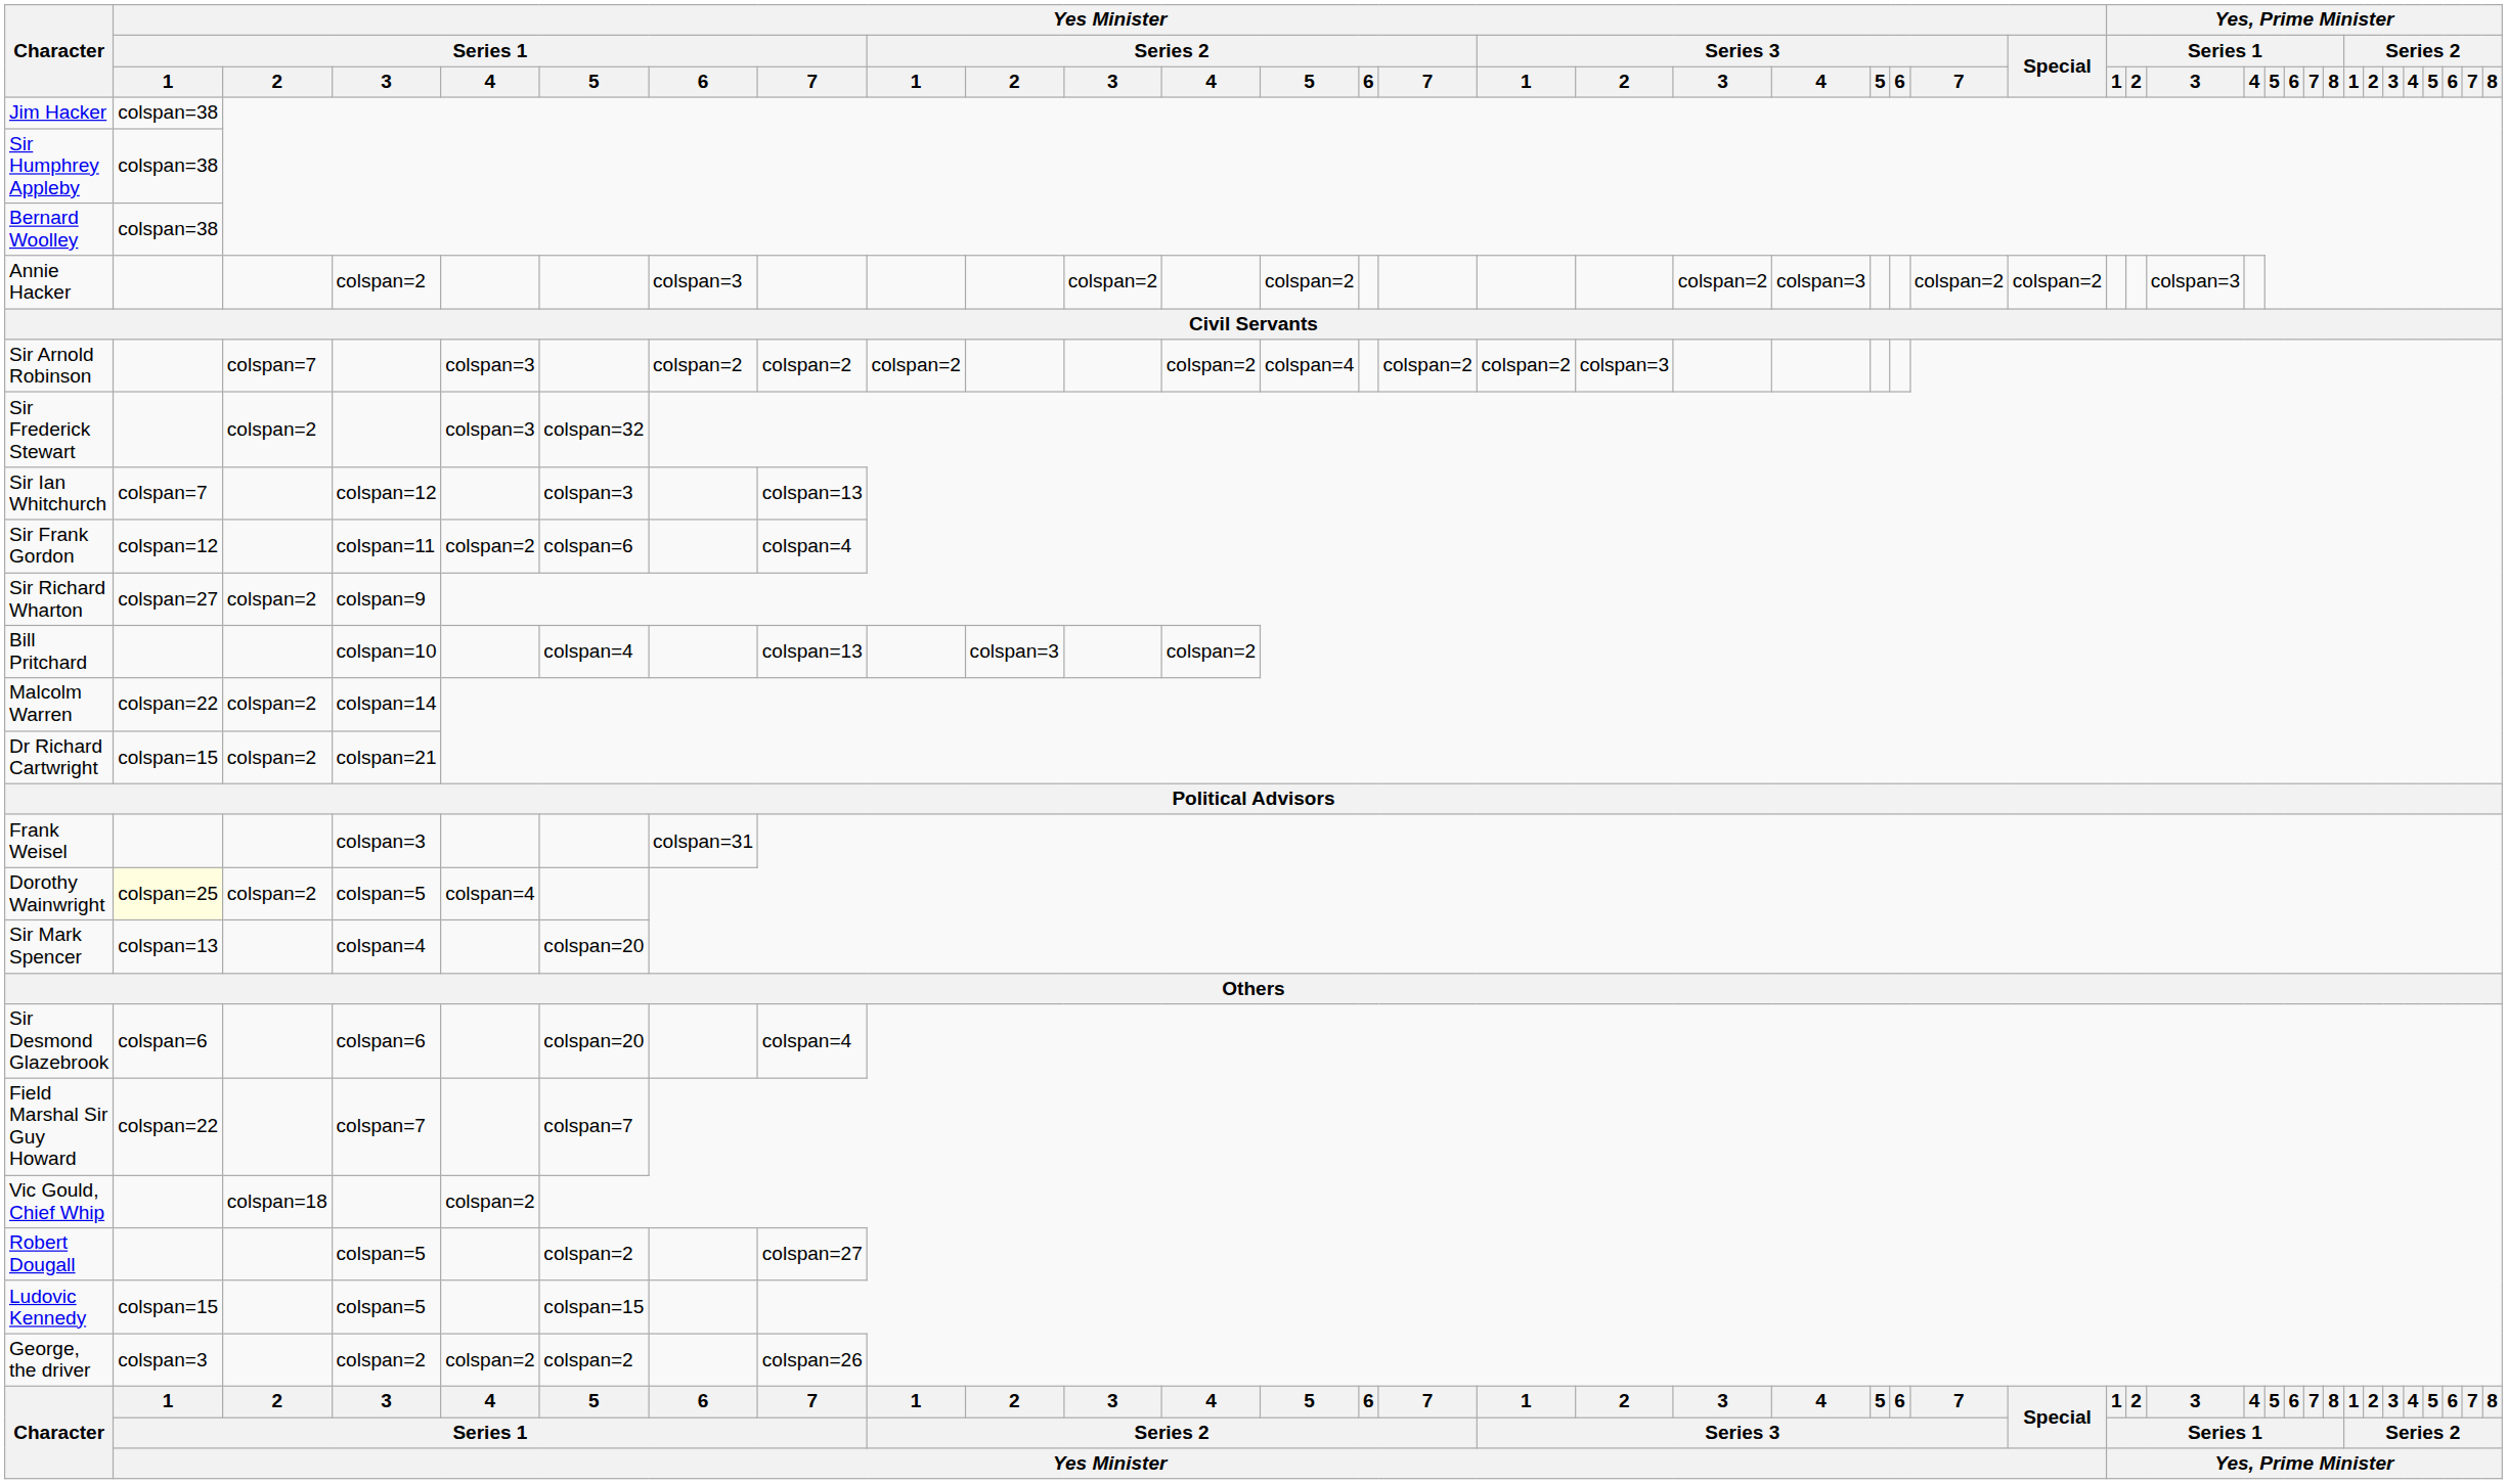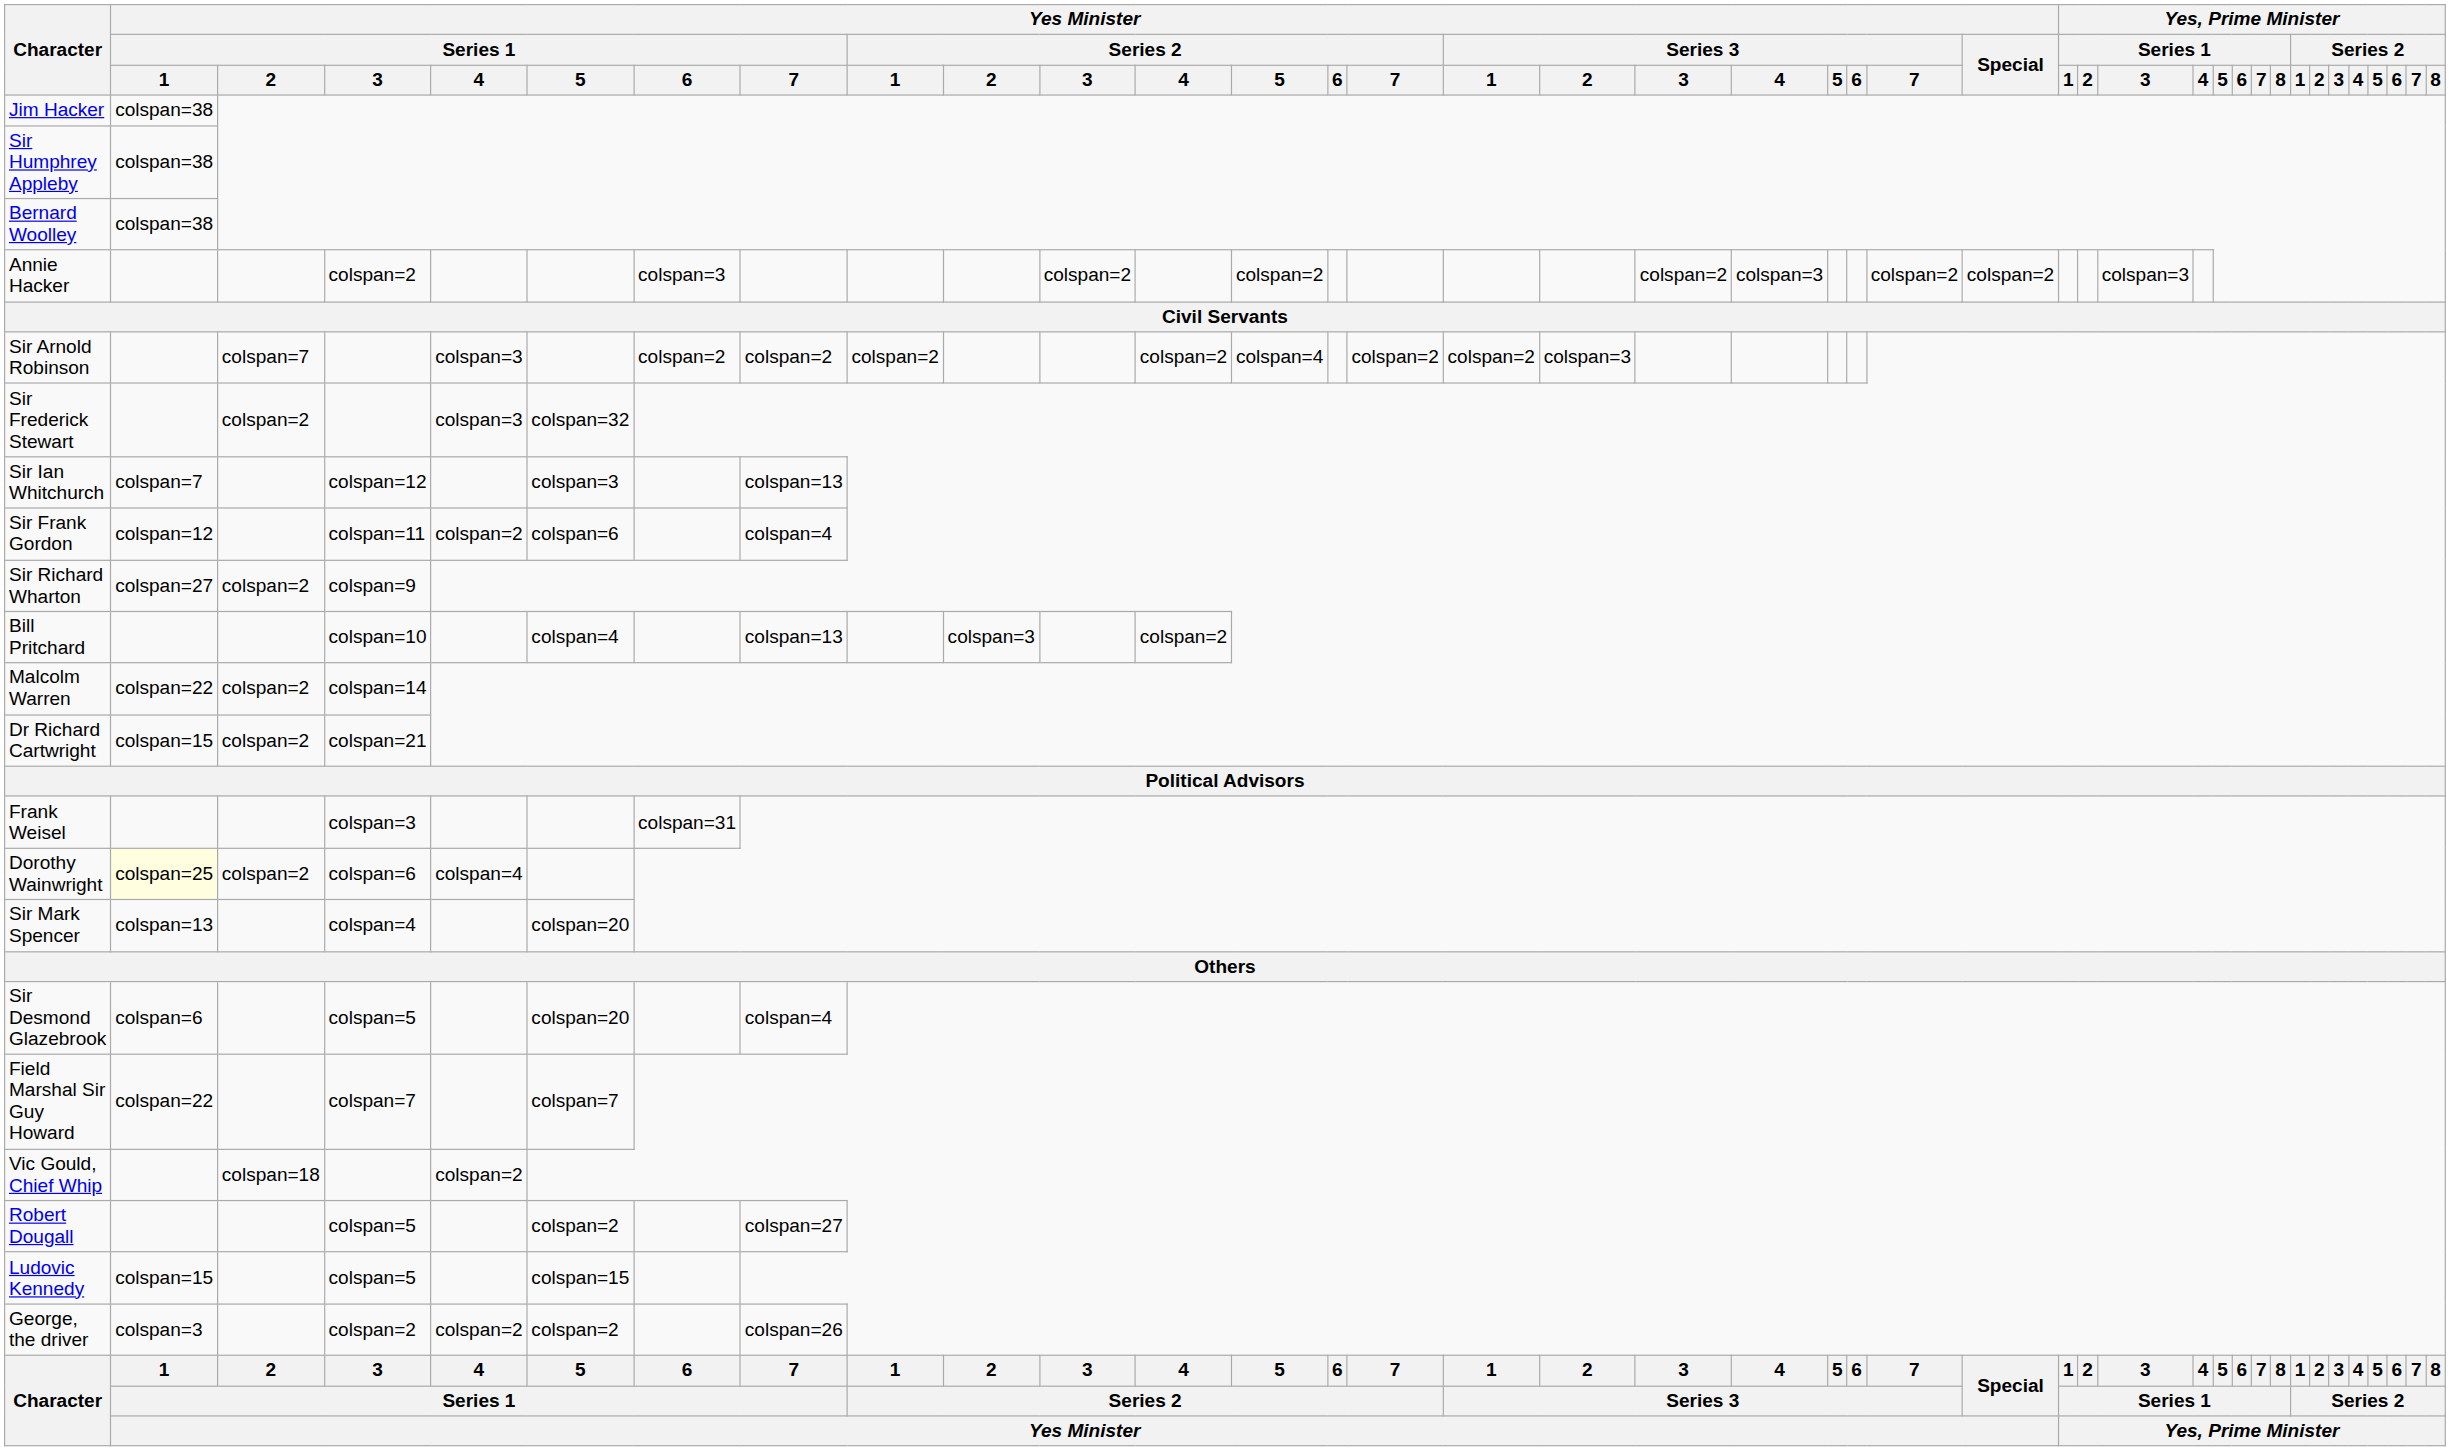 <table class="wikitable planrowheaders" style="width: 100%; margin-right: 0;">
 <tr>
 <th rowspan=3>Character</th>
 <th colspan=22><em>Yes Minister</em></th>
 <th colspan=16><em>Yes, Prime Minister</em></th>
 </tr>
 <tr>
 <th colspan=7>Series 1</th>
 <th colspan=7>Series 2</th>
 <th colspan=7>Series 3</th>
 <th rowspan=2>Special</th>
 <th colspan=8>Series 1</th>
 <th colspan=8>Series 2</th>
 </tr>
 <tr>
 <th>1</th>
 <th>2</th>
 <th>3</th>
 <th>4</th>
 <th>5</th>
 <th>6</th>
 <th>7</th>
 <th>1</th>
 <th>2</th>
 <th>3</th>
 <th>4</th>
 <th>5</th>
 <th>6</th>
 <th>7</th>
 <th>1</th>
 <th>2</th>
 <th>3</th>
 <th>4</th>
 <th>5</th>
 <th>6</th>
 <th>7</th>
 <th>1</th>
 <th>2</th>
 <th>3</th>
 <th>4</th>
 <th>5</th>
 <th>6</th>
 <th>7</th>
 <th>8</th>
 <th>1</th>
 <th>2</th>
 <th>3</th>
 <th>4</th>
 <th>5</th>
 <th>6</th>
 <th>7</th>
 <th>8</th>
 </tr>
 <tr>
 <td><a href='#'>Jim Hacker</a></td>
 <td>colspan=38 </td>
 </tr>
 <tr>
 <td><a href='#'>Sir Humphrey Appleby</a></td>
 <td>colspan=38 </td>
 </tr>
 <tr>
 <td><a href='#'>Bernard Woolley</a></td>
 <td>colspan=38 </td>
 </tr>
 <tr>
 <td>Annie Hacker</td>
 <td></td>
 <td></td>
 <td>colspan=2 </td>
 <td></td>
 <td></td>
 <td>colspan=3 </td>
 <td></td>
 <td></td>
 <td></td>
 <td>colspan=2 </td>
 <td></td>
 <td>colspan=2 </td>
 <td></td>
 <td></td>
 <td></td>
 <td></td>
 <td>colspan=2 </td>
 <td>colspan=3 </td>
 <td></td>
 <td></td>
 <td>colspan=2 </td>
 <td>colspan=2 </td>
 <td></td>
 <td></td>
 <td>colspan=3 </td>
 <td></td>
 </tr>
 <tr>
 <th colspan=39>Civil Servants</th>
 </tr>
 <tr>
 <td>Sir Arnold Robinson</td>
 <td></td>
 <td>colspan=7 </td>
 <td></td>
 <td>colspan=3 </td>
 <td></td>
 <td>colspan=2 </td>
 <td>colspan=2 </td>
 <td>colspan=2 </td>
 <td></td>
 <td></td>
 <td>colspan=2 </td>
 <td>colspan=4 </td>
 <td></td>
 <td>colspan=2 </td>
 <td>colspan=2 </td>
 <td>colspan=3 </td>
 <td></td>
 <td></td>
 <td></td>
 <td></td>
 </tr>
 <tr>
 <td>Sir Frederick Stewart</td>
 <td></td>
 <td>colspan=2 </td>
 <td></td>
 <td>colspan=3 </td>
 <td>colspan=32 </td>
 </tr>
 <tr>
 <td>Sir Ian Whitchurch</td>
 <td>colspan=7 </td>
 <td></td>
 <td>colspan=12 </td>
 <td></td>
 <td>colspan=3 </td>
 <td></td>
 <td>colspan=13 </td>
 </tr>
 <tr>
 <td>Sir Frank Gordon</td>
 <td>colspan=12 </td>
 <td></td>
 <td>colspan=11 </td>
 <td>colspan=2 </td>
 <td>colspan=6 </td>
 <td></td>
 <td>colspan=4 </td>
 </tr>
 <tr>
 <td>Sir Richard Wharton</td>
 <td>colspan=27 </td>
 <td>colspan=2 </td>
 <td>colspan=9 </td>
 </tr>
 <tr>
 <td>Bill Pritchard</td>
 <td></td>
 <td></td>
 <td>colspan=10 </td>
 <td></td>
 <td>colspan=4 </td>
 <td></td>
 <td>colspan=13 </td>
 <td></td>
 <td>colspan=3 </td>
 <td></td>
 <td>colspan=2 </td>
 </tr>
 <tr>
 <td>Malcolm Warren</td>
 <td>colspan=22 </td>
 <td>colspan=2 </td>
 <td>colspan=14 </td>
 </tr>
 <tr>
 <td>Dr Richard Cartwright</td>
 <td>colspan=15 </td>
 <td>colspan=2 </td>
 <td>colspan=21 </td>
 </tr>
 <tr>
 <th colspan=39>Political Advisors</th>
 </tr>
 <tr>
 <td>Frank Weisel</td>
 <td></td>
 <td></td>
 <td>colspan=3 </td>
 <td></td>
 <td></td>
 <td>colspan=31 </td>
 </tr>
 <tr>
 <td>Dorothy Wainwright</td>
 <td style="background: lightyellow;">colspan=25 </td>
 <td>colspan=2 </td>
-<td>colspan=5 </td>
+<td>colspan=6 </td>
 <td>colspan=4 </td>
 <td></td>
 </tr>
 <tr>
 <td>Sir Mark Spencer</td>
 <td>colspan=13 </td>
 <td></td>
 <td>colspan=4 </td>
 <td></td>
 <td>colspan=20 </td>
 </tr>
 <tr>
 <th colspan=39>Others</th>
 </tr>
 <tr>
 <td>Sir Desmond Glazebrook</td>
 <td>colspan=6 </td>
 <td></td>
-<td>colspan=6 </td>
+<td>colspan=5 </td>
 <td></td>
 <td>colspan=20 </td>
 <td></td>
 <td>colspan=4 </td>
 </tr>
 <tr>
 <td>Field Marshal Sir Guy Howard</td>
 <td>colspan=22 </td>
 <td></td>
 <td>colspan=7 </td>
 <td></td>
 <td>colspan=7 </td>
 </tr>
 <tr>
 <td>Vic Gould, <a href='#'>Chief Whip</a></td>
 <td></td>
 <td>colspan=18 </td>
 <td></td>
 <td>colspan=2 </td>
 </tr>
 <tr>
 <td><a href='#'>Robert Dougall</a></td>
 <td></td>
 <td></td>
 <td>colspan=5 </td>
 <td></td>
 <td>colspan=2 </td>
 <td></td>
 <td>colspan=27 </td>
 </tr>
 <tr>
 <td><a href='#'>Ludovic Kennedy</a></td>
 <td>colspan=15 </td>
 <td></td>
 <td>colspan=5 </td>
 <td></td>
 <td>colspan=15 </td>
 <td></td>
 </tr>
 <tr>
 <td>George, the driver</td>
 <td>colspan=3 </td>
 <td></td>
 <td>colspan=2 </td>
 <td>colspan=2 </td>
 <td>colspan=2 </td>
 <td></td>
 <td>colspan=26 </td>
 </tr>
 <tr>
 <th rowspan=3>Character</th>
 <th>1</th>
 <th>2</th>
 <th>3</th>
 <th>4</th>
 <th>5</th>
 <th>6</th>
 <th>7</th>
 <th>1</th>
 <th>2</th>
 <th>3</th>
 <th>4</th>
 <th>5</th>
 <th>6</th>
 <th>7</th>
 <th>1</th>
 <th>2</th>
 <th>3</th>
 <th>4</th>
 <th>5</th>
 <th>6</th>
 <th>7</th>
 <th rowspan=2>Special</th>
 <th>1</th>
 <th>2</th>
 <th>3</th>
 <th>4</th>
 <th>5</th>
 <th>6</th>
 <th>7</th>
 <th>8</th>
 <th>1</th>
 <th>2</th>
 <th>3</th>
 <th>4</th>
 <th>5</th>
 <th>6</th>
 <th>7</th>
 <th>8</th>
 </tr>
 <tr>
 <th colspan=7>Series 1</th>
 <th colspan=7>Series 2</th>
 <th colspan=7>Series 3</th>
 <th colspan=8>Series 1</th>
 <th colspan=8>Series 2</th>
 </tr>
 <tr>
 <th colspan=22><em>Yes Minister</em></th>
 <th colspan=16><em>Yes, Prime Minister</em></th>
 </tr>
 </table>
